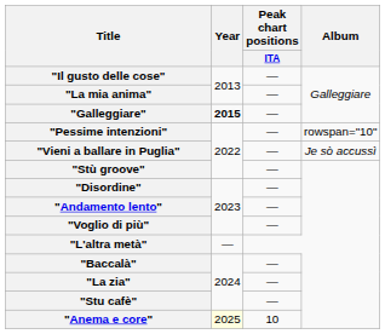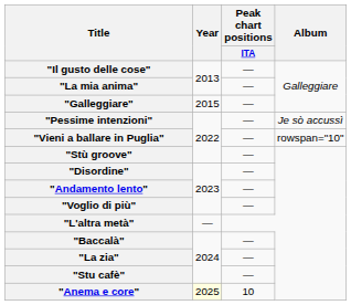 <table class="wikitable plainrowheaders" style="text-align:center;">
 <tr>
 <th scope="col" rowspan="2" style="width:17em;">Title</th>
 <th scope="col" rowspan="2">Year</th>
 <th scope="col" colspan="1">Peak chart positions</th>
 <th scope="col" rowspan="2">Album</th>
 </tr>
 <tr>
 <th scope="col" style="width:3em;font-size:85%;"><a href='#'>ITA</a><br></th>
 </tr>
 <tr>
 <th scope="row">"Il gusto delle cose"</th>
 <td rowspan="2">2013</td>
 <td>—</td>
 <td rowspan="3"><em>Galleggiare</em></td>
 </tr>
 <tr>
 <th scope="row">"La mia anima"</th>
 <td>—</td>
 </tr>
 <tr>
 <th scope="row">"Galleggiare"</th>
-<td><strong>2015</strong></td>
+<td>2015</td>
 <td>—</td>
 </tr>
 <tr>
 <th scope="row">"Pessime intenzioni" <br> </th>
 <td rowspan="3">2022</td>
 <td>—</td>
-<td>rowspan="10" </td>
+<td><em>Je sò accussì</em></td>
 </tr>
 <tr>
 <th scope="row">"Vieni a ballare in Puglia"</th>
 <td>—</td>
-<td><em>Je sò accussì</em></td>
+<td>rowspan="10" </td>
 </tr>
 <tr>
 <th scope="row">"Stù groove"</th>
 <td>—</td>
 </tr>
 <tr>
 <th scope="row">"Disordine" <br> </th>
 <td rowspan="3">2023</td>
 <td>—</td>
 </tr>
 <tr>
 <th scope="row">"<a href='#'>Andamento lento</a>"</th>
 <td>—</td>
 </tr>
 <tr>
 <th scope="row">"Voglio di più" <br> </th>
 <td>—</td>
 </tr>
 <tr>
 <th scope="row">"L'altra metà" <br> </th>
 <td>—</td>
 </tr>
 <tr>
 <th scope="row">"Baccalà" <br> </th>
 <td rowspan="3">2024</td>
 <td>—</td>
 </tr>
 <tr>
 <th scope="row">"La zia" <br> </th>
 <td>—</td>
 </tr>
 <tr>
 <th scope="row">"Stu cafè"</th>
 <td>—</td>
 </tr>
 <tr>
 <th scope="row">"<a href='#'>Anema e core</a>"</th>
 <td style="background: lightyellow;">2025</td>
 <td>10</td>
 </tr>
 </table>
